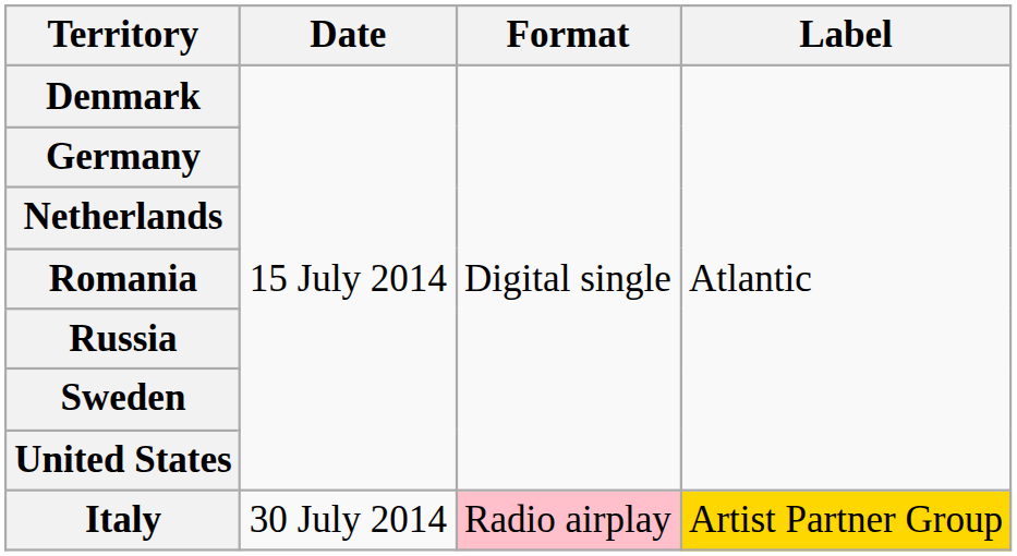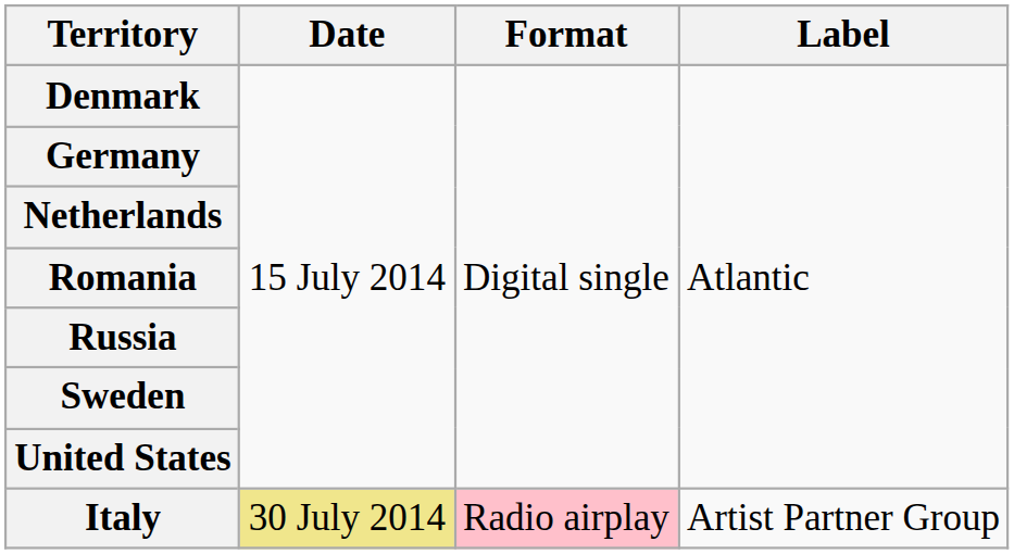 <table class="wikitable unsortable plainrowheaders">
 <tr>
 <th scope="col">Territory</th>
 <th scope="col">Date</th>
 <th scope="col">Format</th>
 <th scope="col">Label</th>
 </tr>
 <tr>
 <th scope="row">Denmark</th>
 <td rowspan="7">15 July 2014</td>
 <td rowspan="7">Digital single</td>
 <td rowspan="7">Atlantic</td>
 </tr>
 <tr>
 <th scope="row">Germany</th>
 </tr>
 <tr>
 <th scope="row">Netherlands</th>
 </tr>
 <tr>
 <th scope="row">Romania</th>
 </tr>
 <tr>
 <th scope="row">Russia</th>
 </tr>
 <tr>
 <th scope="row">Sweden</th>
 </tr>
 <tr>
 <th scope="row">United States</th>
 </tr>
 <tr>
 <th scope="row">Italy</th>
-<td>30 July 2014</td>
+<td style="background: khaki;">30 July 2014</td>
 <td style="background: pink;">Radio airplay</td>
-<td style="background: gold;">Artist Partner Group</td>
+<td>Artist Partner Group</td>
 </tr>
 </table>
